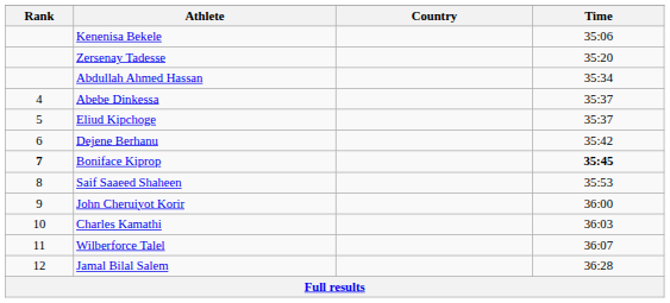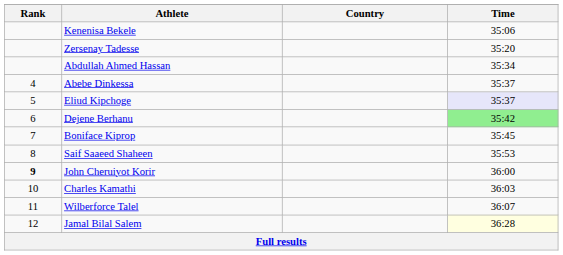 <table class="wikitable sortable" style=" text-align:center; font-size:95%;" width="50%">
 <tr>
 </tr>
 <tr>
 <th width=5%>Rank</th>
 <th width=20%>Athlete</th>
 <th width=15%>Country</th>
 <th width=10%>Time</th>
 </tr>
 <tr>
 <td align=center></td>
 <td align=left><a href='#'>Kenenisa Bekele</a></td>
 <td align=left></td>
 <td>35:06</td>
 </tr>
 <tr>
 <td align=center></td>
 <td align=left><a href='#'>Zersenay Tadesse</a></td>
 <td align=left></td>
 <td>35:20</td>
 </tr>
 <tr>
 <td align=center></td>
 <td align=left><a href='#'>Abdullah Ahmed Hassan</a></td>
 <td align=left></td>
 <td>35:34</td>
 </tr>
 <tr>
 <td align=center>4</td>
 <td align=left><a href='#'>Abebe Dinkessa</a></td>
 <td align=left></td>
 <td>35:37</td>
 </tr>
 <tr>
 <td align=center>5</td>
 <td align=left><a href='#'>Eliud Kipchoge</a></td>
 <td align=left></td>
-<td>35:37</td>
+<td style="background: lavender;">35:37</td>
 </tr>
 <tr>
 <td align=center>6</td>
 <td align=left><a href='#'>Dejene Berhanu</a></td>
 <td align=left></td>
-<td>35:42</td>
+<td style="background: lightgreen;">35:42</td>
 </tr>
 <tr>
-<td align=center><strong>7</strong></td>
+<td align=center>7</td>
 <td align=left><a href='#'>Boniface Kiprop</a></td>
 <td align=left></td>
-<td><strong>35:45</strong></td>
+<td>35:45</td>
 </tr>
 <tr>
 <td align=center>8</td>
 <td align=left><a href='#'>Saif Saaeed Shaheen</a></td>
 <td align=left></td>
 <td>35:53</td>
 </tr>
 <tr>
-<td align=center>9</td>
+<td align=center><strong>9</strong></td>
 <td align=left><a href='#'>John Cheruiyot Korir</a></td>
 <td align=left></td>
 <td>36:00</td>
 </tr>
 <tr>
 <td align=center>10</td>
 <td align=left><a href='#'>Charles Kamathi</a></td>
 <td align=left></td>
 <td>36:03</td>
 </tr>
 <tr>
 <td align=center>11</td>
 <td align=left><a href='#'>Wilberforce Talel</a></td>
 <td align=left></td>
 <td>36:07</td>
 </tr>
 <tr>
 <td align=center>12</td>
 <td align=left><a href='#'>Jamal Bilal Salem</a></td>
 <td align=left></td>
-<td>36:28</td>
+<td style="background: lightyellow;">36:28</td>
 </tr>
 <tr class="sortbottom">
 <th colspan=4 align=center><a href='#'>Full results</a></th>
 </tr>
 </table>
